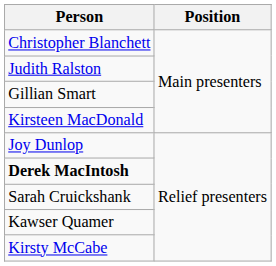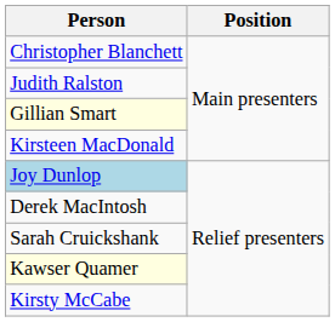 <table class="wikitable">
 <tr>
 <th>Person</th>
 <th>Position</th>
 </tr>
 <tr>
 <td><a href='#'>Christopher Blanchett</a></td>
 <td rowspan="4">Main presenters</td>
 </tr>
 <tr>
 <td><a href='#'>Judith Ralston</a></td>
 </tr>
 <tr>
-<td>Gillian Smart</td>
+<td style="background: lightyellow;">Gillian Smart</td>
 </tr>
 <tr>
 <td><a href='#'>Kirsteen MacDonald</a></td>
 </tr>
 <tr>
-<td><a href='#'>Joy Dunlop</a></td>
+<td style="background: lightblue;"><a href='#'>Joy Dunlop</a></td>
 <td rowspan="5">Relief presenters</td>
 </tr>
 <tr>
-<td><strong>Derek MacIntosh</strong></td>
+<td>Derek MacIntosh</td>
 </tr>
 <tr>
 <td>Sarah Cruickshank</td>
 </tr>
 <tr>
-<td>Kawser Quamer</td>
+<td style="background: lightyellow;">Kawser Quamer</td>
 </tr>
 <tr>
 <td><a href='#'>Kirsty McCabe</a></td>
 </tr>
 </table>
